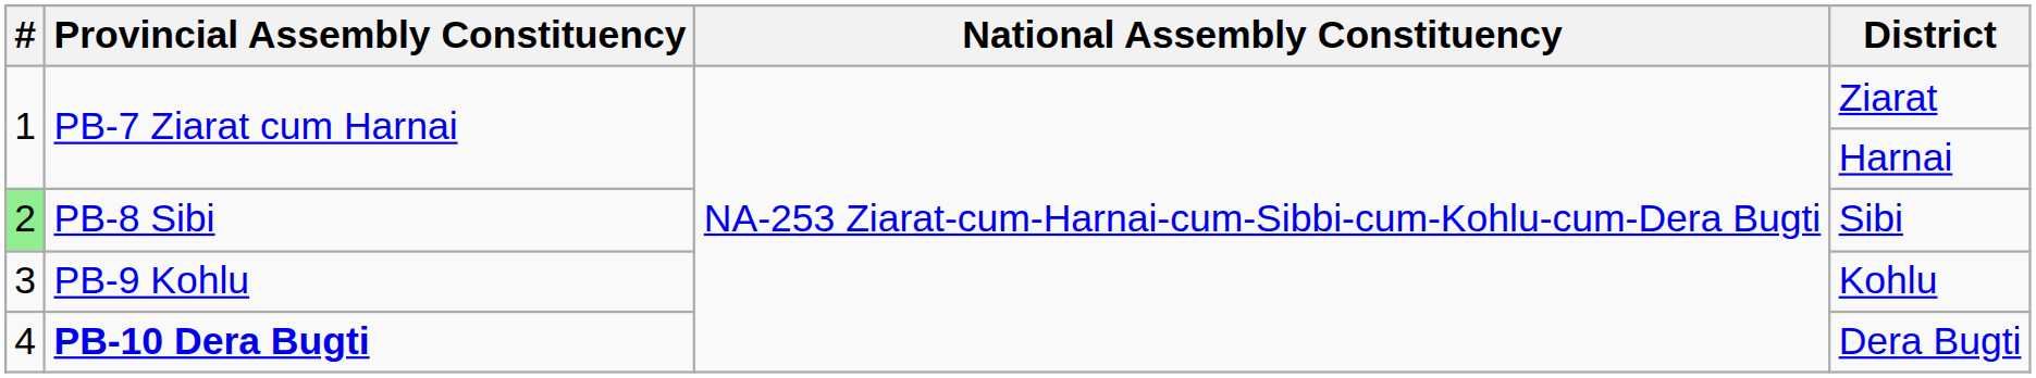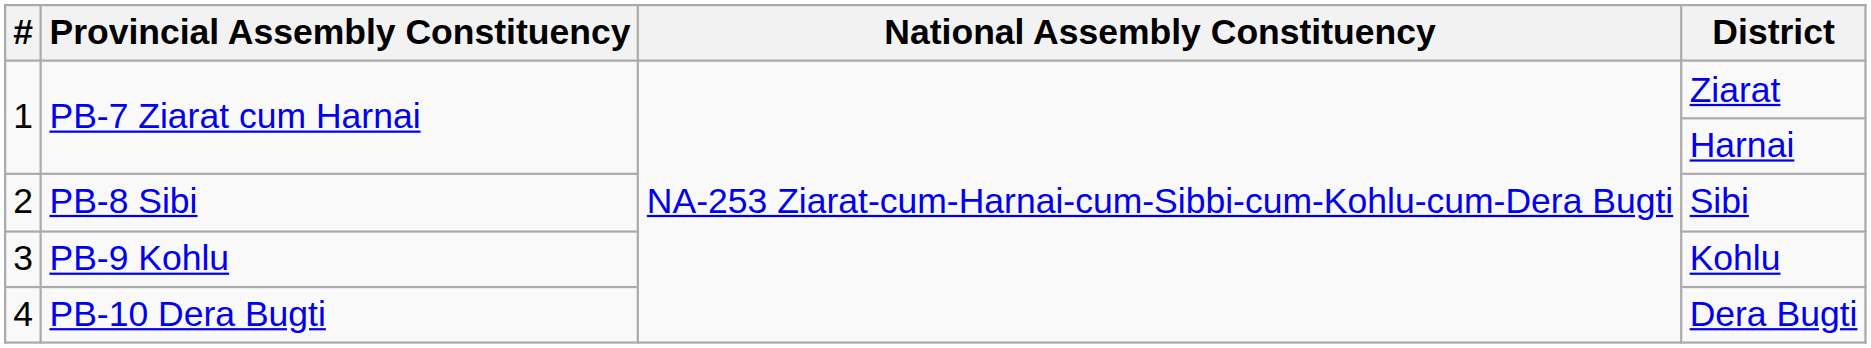 <table class="wikitable sortable">
 <tr>
 <th>#</th>
 <th>Provincial Assembly Constituency</th>
 <th>National Assembly Constituency</th>
 <th>District</th>
 </tr>
 <tr>
 <td rowspan="2">1</td>
 <td rowspan="2"><a href='#'>PB-7 Ziarat cum Harnai</a></td>
 <td rowspan="5"><a href='#'>NA-253 Ziarat-cum-Harnai-cum-Sibbi-cum-Kohlu-cum-Dera Bugti</a></td>
 <td><a href='#'>Ziarat</a></td>
 </tr>
 <tr>
 <td><a href='#'>Harnai</a></td>
 </tr>
 <tr>
-<td style="background: lightgreen;">2</td>
+<td>2</td>
 <td><a href='#'>PB-8 Sibi</a></td>
 <td><a href='#'>Sibi</a></td>
 </tr>
 <tr>
 <td>3</td>
 <td><a href='#'>PB-9 Kohlu</a></td>
 <td><a href='#'>Kohlu</a></td>
 </tr>
 <tr>
 <td>4</td>
-<td><strong><a href='#'>PB-10 Dera Bugti</a></strong></td>
+<td><a href='#'>PB-10 Dera Bugti</a></td>
 <td><a href='#'>Dera Bugti</a></td>
 </tr>
 </table>
